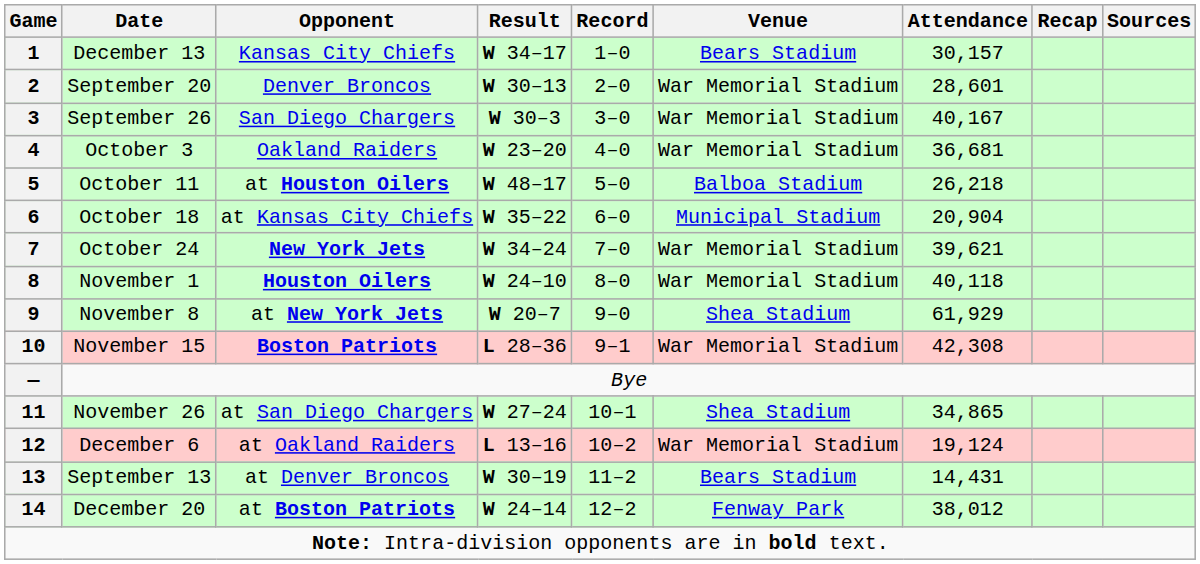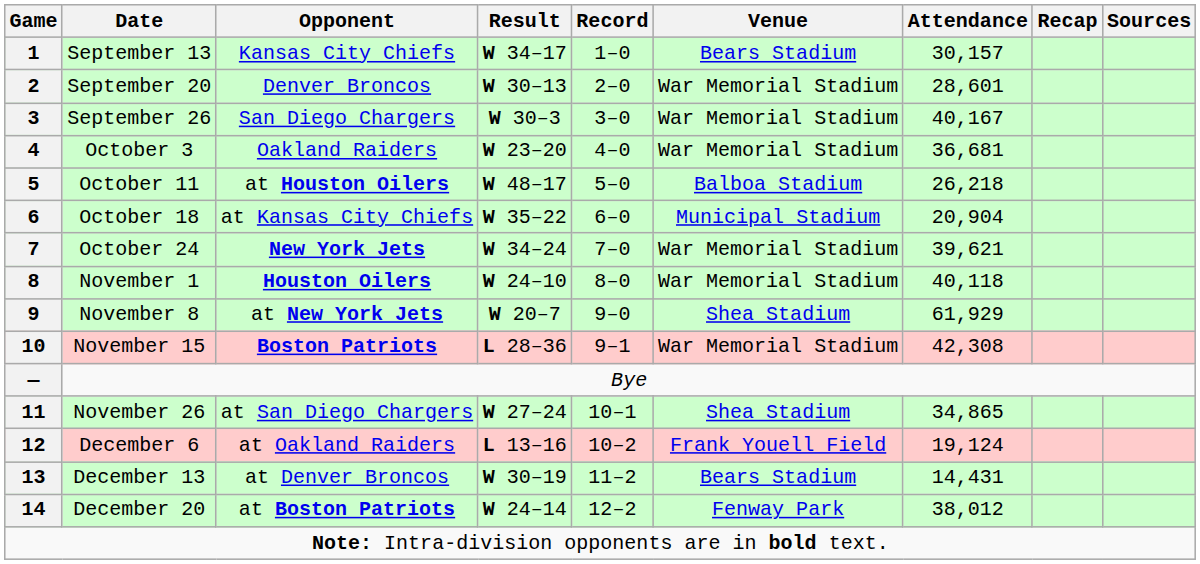 <table class="wikitable" style="text-align:center">
 <tr>
 <th>Game</th>
 <th>Date</th>
 <th>Opponent</th>
 <th>Result</th>
 <th>Record</th>
 <th>Venue</th>
 <th>Attendance</th>
 <th>Recap</th>
 <th>Sources</th>
 </tr>
 <tr style="background:#cfc">
 <th>1</th>
-<td>December 13</td>
+<td>September 13</td>
 <td><a href='#'>Kansas City Chiefs</a></td>
 <td><strong>W</strong> 34–17</td>
 <td>1–0</td>
 <td><a href='#'>Bears Stadium</a></td>
 <td>30,157</td>
 <td></td>
 <td></td>
 </tr>
 <tr style="background:#cfc">
 <th>2</th>
 <td>September 20</td>
 <td><a href='#'>Denver Broncos</a></td>
 <td><strong>W</strong> 30–13</td>
 <td>2–0</td>
 <td>War Memorial Stadium</td>
 <td>28,601</td>
 <td></td>
 <td></td>
 </tr>
 <tr style="background:#cfc">
 <th>3</th>
 <td>September 26</td>
 <td><a href='#'>San Diego Chargers</a></td>
 <td><strong>W</strong> 30–3</td>
 <td>3–0</td>
 <td>War Memorial Stadium</td>
 <td>40,167</td>
 <td></td>
 <td></td>
 </tr>
 <tr style="background:#cfc">
 <th>4</th>
 <td>October 3</td>
 <td><a href='#'>Oakland Raiders</a></td>
 <td><strong>W</strong> 23–20</td>
 <td>4–0</td>
 <td>War Memorial Stadium</td>
 <td>36,681</td>
 <td></td>
 <td></td>
 </tr>
 <tr style="background:#cfc">
 <th>5</th>
 <td>October 11</td>
 <td>at <strong><a href='#'>Houston Oilers</a></strong></td>
 <td><strong>W</strong> 48–17</td>
 <td>5–0</td>
 <td><a href='#'>Balboa Stadium</a></td>
 <td>26,218</td>
 <td></td>
 <td></td>
 </tr>
 <tr style="background:#cfc">
 <th>6</th>
 <td>October 18</td>
 <td>at <a href='#'>Kansas City Chiefs</a></td>
 <td><strong>W</strong> 35–22</td>
 <td>6–0</td>
 <td><a href='#'>Municipal Stadium</a></td>
 <td>20,904</td>
 <td></td>
 <td></td>
 </tr>
 <tr style="background:#cfc">
 <th>7</th>
 <td>October 24</td>
 <td><strong><a href='#'>New York Jets</a></strong></td>
 <td><strong>W</strong> 34–24</td>
 <td>7–0</td>
 <td>War Memorial Stadium</td>
 <td>39,621</td>
 <td></td>
 <td></td>
 </tr>
 <tr style="background:#cfc">
 <th>8</th>
 <td>November 1</td>
 <td><strong><a href='#'>Houston Oilers</a></strong></td>
 <td><strong>W</strong> 24–10</td>
 <td>8–0</td>
 <td>War Memorial Stadium</td>
 <td>40,118</td>
 <td></td>
 <td></td>
 </tr>
 <tr style="background:#cfc">
 <th>9</th>
 <td>November 8</td>
 <td>at <strong><a href='#'>New York Jets</a></strong></td>
 <td><strong>W</strong> 20–7</td>
 <td>9–0</td>
 <td><a href='#'>Shea Stadium</a></td>
 <td>61,929</td>
 <td></td>
 <td></td>
 </tr>
 <tr style="background:#fcc">
 <th>10</th>
 <td>November 15</td>
 <td><strong><a href='#'>Boston Patriots</a></strong></td>
 <td><strong>L</strong> 28–36</td>
 <td>9–1</td>
 <td>War Memorial Stadium</td>
 <td>42,308</td>
 <td></td>
 <td></td>
 </tr>
 <tr>
 <th>—</th>
 <td colspan="8" align="center"><em>Bye</em></td>
 </tr>
 <tr style="background:#cfc">
 <th>11</th>
 <td>November 26</td>
 <td>at <a href='#'>San Diego Chargers</a></td>
 <td><strong>W</strong> 27–24</td>
 <td>10–1</td>
 <td><a href='#'>Shea Stadium</a></td>
 <td>34,865</td>
 <td></td>
 <td></td>
 </tr>
 <tr style="background:#fcc">
 <th>12</th>
 <td>December 6</td>
 <td>at <a href='#'>Oakland Raiders</a></td>
 <td><strong>L</strong> 13–16</td>
 <td>10–2</td>
-<td>War Memorial Stadium</td>
+<td><a href='#'>Frank Youell Field</a></td>
 <td>19,124</td>
 <td></td>
 <td></td>
 </tr>
 <tr style="background:#cfc">
 <th>13</th>
-<td>September 13</td>
+<td>December 13</td>
 <td>at <a href='#'>Denver Broncos</a></td>
 <td><strong>W</strong> 30–19</td>
 <td>11–2</td>
 <td><a href='#'>Bears Stadium</a></td>
 <td>14,431</td>
 <td></td>
 <td></td>
 </tr>
 <tr style="background:#cfc">
 <th>14</th>
 <td>December 20</td>
 <td>at <strong><a href='#'>Boston Patriots</a></strong></td>
 <td><strong>W</strong> 24–14</td>
 <td>12–2</td>
 <td><a href='#'>Fenway Park</a></td>
 <td>38,012</td>
 <td></td>
 <td></td>
 </tr>
 <tr>
 <td colspan="10"><strong>Note:</strong> Intra-division opponents are in <strong>bold</strong> text.</td>
 </tr>
 </table>
